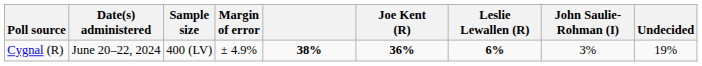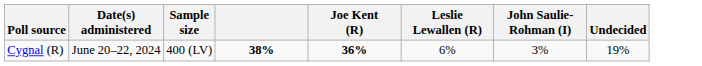 <table class="wikitable" style="font-size:90%;text-align:center;">
 <tr valign=bottom>
 <th>Poll source</th>
 <th>Date(s)<br>administered</th>
 <th>Sample<br>size</th>
-<th>Margin<br>of error</th>
 <th style="width:100px;"><br></th>
 <th style="width:100px;">Joe Kent<br>(R)</th>
 <th style="width:100px;">Leslie<br>Lewallen (R)</th>
 <th style="width:100px;">John Saulie-<br>Rohman (I)</th>
 <th>Undecided</th>
 </tr>
 <tr>
 <td style="text-align:left"><a href='#'>Cygnal</a> (R)</td>
 <td>June 20–22, 2024</td>
 <td>400 (LV)</td>
-<td>± 4.9%</td>
 <td><strong>38%</strong></td>
 <td><strong>36%</strong></td>
-<td><strong>6%</strong></td>
+<td>6%</td>
 <td>3%</td>
 <td>19%</td>
 </tr>
 </table>
